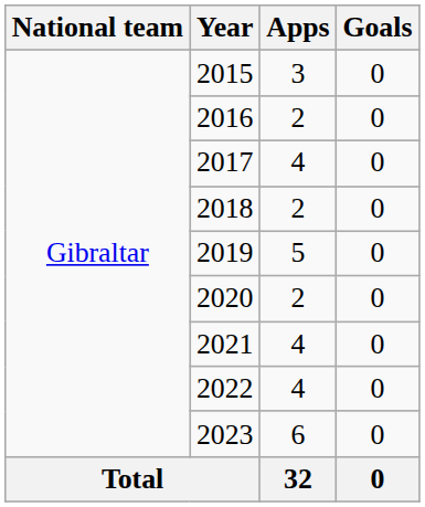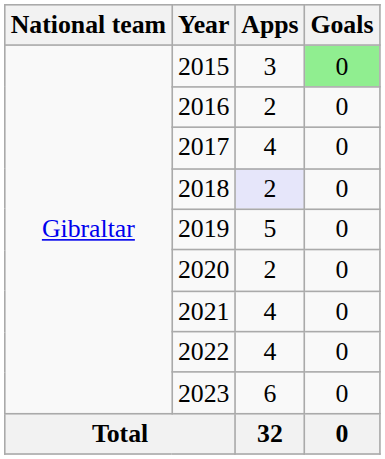 <table class="wikitable" style="text-align:center">
 <tr>
 <th>National team</th>
 <th>Year</th>
 <th>Apps</th>
 <th>Goals</th>
 </tr>
 <tr>
 <td rowspan="9"><a href='#'>Gibraltar</a></td>
 <td>2015</td>
 <td>3</td>
-<td>0</td>
+<td style="background: lightgreen;">0</td>
 </tr>
 <tr>
 <td>2016</td>
 <td>2</td>
 <td>0</td>
 </tr>
 <tr>
 <td>2017</td>
 <td>4</td>
 <td>0</td>
 </tr>
 <tr>
 <td>2018</td>
-<td>2</td>
+<td style="background: lavender;">2</td>
 <td>0</td>
 </tr>
 <tr>
 <td>2019</td>
 <td>5</td>
 <td>0</td>
 </tr>
 <tr>
 <td>2020</td>
 <td>2</td>
 <td>0</td>
 </tr>
 <tr>
 <td>2021</td>
 <td>4</td>
 <td>0</td>
 </tr>
 <tr>
 <td>2022</td>
 <td>4</td>
 <td>0</td>
 </tr>
 <tr>
 <td>2023</td>
 <td>6</td>
 <td>0</td>
 </tr>
 <tr>
 <th colspan="2">Total</th>
 <th>32</th>
 <th>0</th>
 </tr>
 </table>
